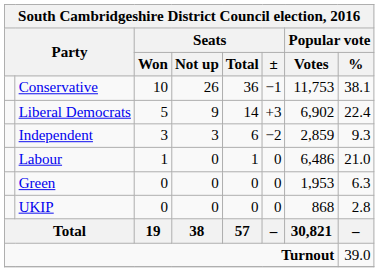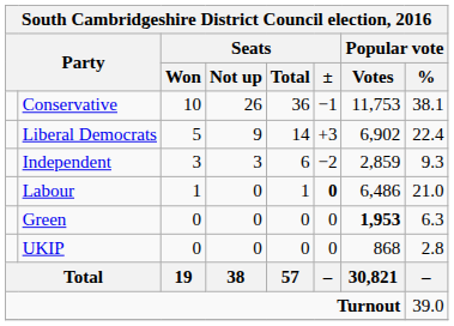 <table class="wikitable">
 <tr>
 <th colspan="8"><strong>South Cambridgeshire District Council election, 2016</strong></th>
 </tr>
 <tr>
 <th rowspan="2" colspan="2">Party</th>
 <th colspan="4">Seats</th>
 <th colspan="2">Popular vote</th>
 </tr>
 <tr>
 <th>Won</th>
 <th>Not up</th>
 <th>Total</th>
 <th>±</th>
 <th>Votes</th>
 <th>%</th>
 </tr>
 <tr>
 <td style="background-color: "> </td>
 <td><a href='#'>Conservative</a></td>
 <td align=right>10</td>
 <td align=right>26</td>
 <td align=right>36</td>
 <td align=right>−1</td>
 <td align=right>11,753</td>
 <td align=right>38.1</td>
 </tr>
 <tr>
 <td style="background-color: "> </td>
 <td><a href='#'>Liberal Democrats</a></td>
 <td align=right>5</td>
 <td align=right>9</td>
 <td align=right>14</td>
 <td align=right>+3</td>
 <td align=right>6,902</td>
 <td align=right>22.4</td>
 </tr>
 <tr>
 <td style="background-color: "> </td>
 <td><a href='#'>Independent</a></td>
 <td align=right>3</td>
 <td align=right>3</td>
 <td align=right>6</td>
 <td align=right>−2</td>
 <td align=right>2,859</td>
 <td align=right>9.3</td>
 </tr>
 <tr>
 <td style="background-color: "> </td>
 <td><a href='#'>Labour</a></td>
 <td align=right>1</td>
 <td align=right>0</td>
 <td align=right>1</td>
-<td align=right>0</td>
+<td align=right><strong>0</strong></td>
 <td align=right>6,486</td>
 <td align=right>21.0</td>
 </tr>
 <tr>
 <td style="background-color: "> </td>
 <td><a href='#'>Green</a></td>
 <td align=right>0</td>
 <td align=right>0</td>
 <td align=right>0</td>
 <td align=right>0</td>
-<td align=right>1,953</td>
+<td align=right><strong>1,953</strong></td>
 <td align=right>6.3</td>
 </tr>
 <tr>
 <td style="background-color: "> </td>
 <td><a href='#'>UKIP</a></td>
 <td align=right>0</td>
 <td align=right>0</td>
 <td align=right>0</td>
 <td align=right>0</td>
 <td align=right>868</td>
 <td align=right>2.8</td>
 </tr>
 <tr>
 <th colspan="2">Total</th>
 <th align=right>19</th>
 <th align=right>38</th>
 <th align=right>57</th>
 <th align=right>–</th>
 <th align=right>30,821</th>
 <th align=right>–</th>
 </tr>
 <tr>
 <td colspan="7" align=right><strong>Turnout</strong></td>
 <td align=right>39.0</td>
 </tr>
 <tr>
 </tr>
 </table>
